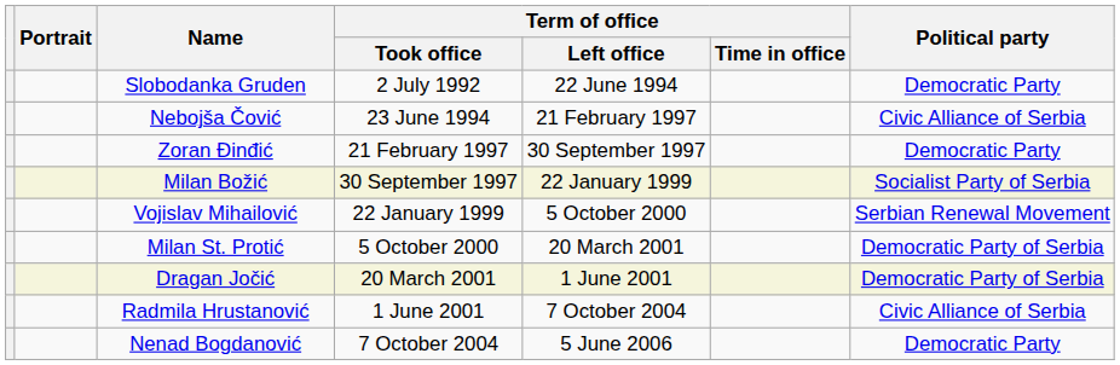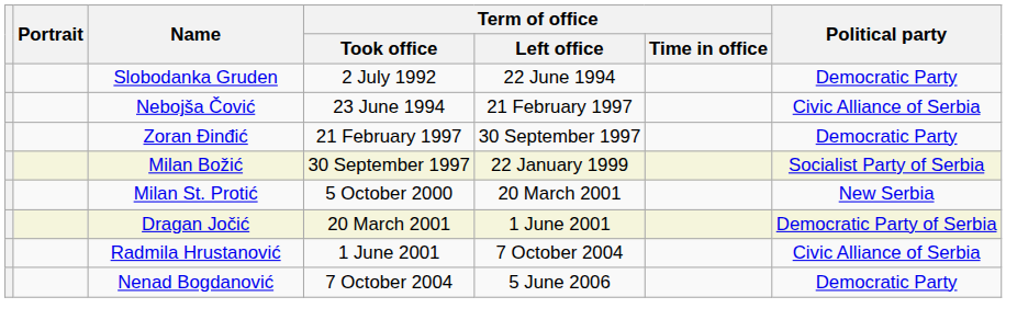 <table class="wikitable" style="text-align:center;">
 <tr>
 <th rowspan=2></th>
 <th rowspan=2>Portrait</th>
 <th rowspan=2 width=180>Name<br></th>
 <th colspan=3>Term of office</th>
 <th rowspan=2>Political party</th>
 </tr>
 <tr>
 <th>Took office</th>
 <th>Left office</th>
 <th>Time in office</th>
 </tr>
 <tr>
 <th style="background:"></th>
 <td></td>
 <td><a href='#'>Slobodanka Gruden</a><br></td>
 <td>2 July 1992</td>
 <td>22 June 1994</td>
 <td></td>
 <td><a href='#'>Democratic Party</a></td>
 </tr>
 <tr>
 <th style="background:"></th>
 <td></td>
 <td><a href='#'>Nebojša Čović</a><br></td>
 <td>23 June 1994</td>
 <td>21 February 1997</td>
 <td></td>
 <td><a href='#'>Civic Alliance of Serbia</a><br></td>
 </tr>
 <tr>
 <th style="background:"></th>
 <td></td>
 <td><a href='#'>Zoran Đinđić</a><br></td>
 <td>21 February 1997</td>
 <td>30 September 1997</td>
 <td></td>
 <td><a href='#'>Democratic Party</a></td>
 </tr>
 <tr style="background:#F5F5DC;">
 <th style="background:"></th>
 <td></td>
 <td><a href='#'>Milan Božić</a><br></td>
 <td>30 September 1997</td>
 <td>22 January 1999</td>
 <td></td>
 <td><a href='#'>Socialist Party of Serbia</a></td>
 </tr>
 <tr>
 <th style="background:"></th>
 <td></td>
-<td><a href='#'>Vojislav Mihailović</a><br></td>
-<td>22 January 1999</td>
-<td>5 October 2000</td>
-<td></td>
-<td><a href='#'>Serbian Renewal Movement</a></td>
-</tr>
-<tr>
-<th style="background:"></th>
-<td></td>
 <td><a href='#'>Milan St. Protić</a><br></td>
 <td>5 October 2000</td>
 <td>20 March 2001</td>
 <td></td>
-<td><a href='#'>Democratic Party of Serbia</a><br></td>
+<td><a href='#'>New Serbia</a><br></td>
 </tr>
 <tr style="background:#F5F5DC;">
 <th style="background:"></th>
 <td></td>
 <td><a href='#'>Dragan Jočić</a><br></td>
 <td>20 March 2001</td>
 <td>1 June 2001</td>
 <td></td>
 <td><a href='#'>Democratic Party of Serbia</a><br></td>
 </tr>
 <tr>
 <th style="background:"></th>
 <td></td>
 <td><a href='#'>Radmila Hrustanović</a><br></td>
 <td>1 June 2001</td>
 <td>7 October 2004</td>
 <td></td>
 <td><a href='#'>Civic Alliance of Serbia</a><br></td>
 </tr>
 <tr>
 <th style="background:"></th>
 <td></td>
 <td><a href='#'>Nenad Bogdanović</a><br></td>
 <td>7 October 2004</td>
 <td>5 June 2006</td>
 <td></td>
 <td><a href='#'>Democratic Party</a></td>
 </tr>
 </table>
